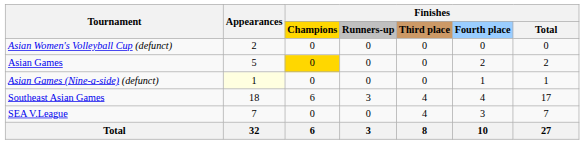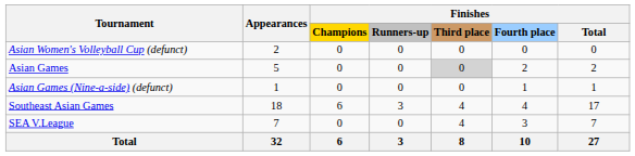 <table class="wikitable" style="text-align: center; font-size: 90%; margin-left: 1em">
 <tr>
 <th rowspan="2" width="300">Tournament</th>
 <th rowspan="2">Appearances</th>
 <th colspan="5">Finishes</th>
 </tr>
 <tr>
 <th style="background-color: gold">Champions</th>
 <th style="background-color: silver">Runners-up</th>
 <th style="background-color: #cc9966">Third place</th>
 <th style="background-color: #9acdff">Fourth place</th>
 <th style="width: 6em">Total</th>
 </tr>
 <tr>
 <td style="text-align:left"><em><a href='#'>Asian Women's Volleyball Cup</a> (defunct)</em></td>
 <td>2</td>
 <td>0</td>
 <td>0</td>
 <td>0</td>
 <td>0</td>
 <td>0</td>
 </tr>
 <tr>
 <td style="text-align:left"><a href='#'>Asian Games</a></td>
 <td>5</td>
-<td style="background: gold;">0</td>
 <td>0</td>
 <td>0</td>
+<td style="background: lightgrey;">0</td>
 <td>2</td>
 <td>2</td>
 </tr>
 <tr>
 <td style="text-align:left"><em><a href='#'>Asian Games (Nine-a-side)</a> (defunct)</em></td>
-<td style="background: lightyellow;">1</td>
+<td>1</td>
 <td>0</td>
 <td>0</td>
 <td>0</td>
 <td>1</td>
 <td>1</td>
 </tr>
 <tr>
 <td style="text-align:left"><a href='#'>Southeast Asian Games</a></td>
 <td>18</td>
 <td>6</td>
 <td>3</td>
 <td>4</td>
 <td>4</td>
 <td>17</td>
 </tr>
 <tr>
 <td style="text-align:left"><a href='#'>SEA V.League</a></td>
 <td>7</td>
 <td>0</td>
 <td>0</td>
 <td>4</td>
 <td>3</td>
 <td>7</td>
 </tr>
 <tr>
 <th>Total</th>
 <th>32</th>
 <th>6</th>
 <th>3</th>
 <th>8</th>
 <th>10</th>
 <th>27</th>
 </tr>
 </table>
